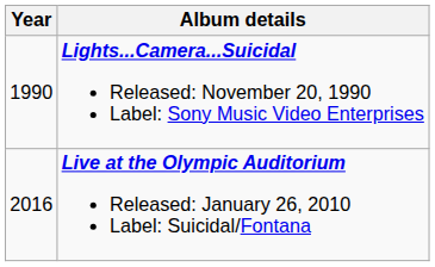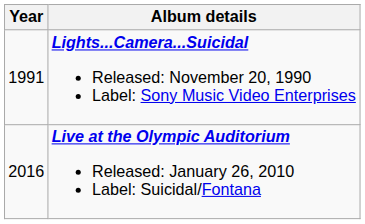 <table class="wikitable">
 <tr>
 <th>Year</th>
 <th>Album details</th>
 </tr>
 <tr>
-<td>1990</td>
+<td>1991</td>
 <td><strong><em><a href='#'>Lights...Camera...Suicidal</a></em></strong><br><ul><li>Released: November 20, 1990</li><li>Label: <a href='#'>Sony Music Video Enterprises</a></li></ul></td>
 </tr>
 <tr>
 <td>2016</td>
 <td><strong><em><a href='#'>Live at the Olympic Auditorium</a></em></strong><br><ul><li>Released: January 26, 2010</li><li>Label: Suicidal/<a href='#'>Fontana</a></li></ul></td>
 </tr>
 </table>
